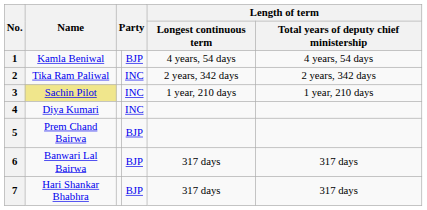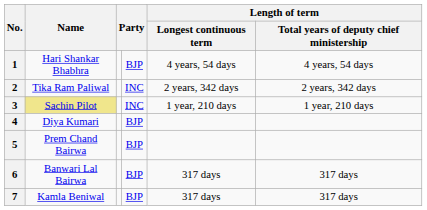 <table class="wikitable sortable" style="width:100%; text-align:center">
 <tr>
 <th rowspan=2>No.</th>
 <th rowspan=2>Name</th>
 <th rowspan=2 colspan=2>Party</th>
 <th colspan=2>Length of term</th>
 </tr>
 <tr>
 <th>Longest continuous term</th>
 <th>Total years of deputy chief ministership</th>
 </tr>
 <tr>
 <th>1</th>
-<td><a href='#'>Kamla Beniwal</a></td>
+<td><a href='#'>Hari Shankar Bhabhra</a></td>
 <td style="background-color:"></td>
 <td><a href='#'>BJP</a></td>
 <td>4 years, 54 days</td>
 <td>4 years, 54 days</td>
 </tr>
 <tr>
 <th>2</th>
 <td><a href='#'>Tika Ram Paliwal</a></td>
 <td style="background-color:"></td>
 <td><a href='#'>INC</a></td>
 <td>2 years, 342 days</td>
 <td>2 years, 342 days</td>
 </tr>
 <tr>
 <th>3</th>
 <td style="background: khaki;"><a href='#'>Sachin Pilot</a></td>
 <td style="background-color:"></td>
 <td><a href='#'>INC</a></td>
 <td>1 year, 210 days</td>
 <td>1 year, 210 days</td>
 </tr>
 <tr>
 <th>4</th>
 <td><a href='#'>Diya Kumari</a></td>
 <td style="background-color:"></td>
-<td><a href='#'>INC</a></td>
+<td><a href='#'>BJP</a></td>
 <td><strong></strong></td>
 <td><strong></strong></td>
 </tr>
 <tr>
 <th>5</th>
 <td><a href='#'>Prem Chand Bairwa</a></td>
 <td style="background-color:"></td>
 <td><a href='#'>BJP</a></td>
 <td><strong></strong></td>
 <td><strong></strong></td>
 </tr>
 <tr>
 <th>6</th>
 <td><a href='#'>Banwari Lal Bairwa</a></td>
 <td style="background-color:"></td>
 <td><a href='#'>BJP</a></td>
 <td>317 days</td>
 <td>317 days</td>
 </tr>
 <tr>
 <th>7</th>
-<td><a href='#'>Hari Shankar Bhabhra</a></td>
+<td><a href='#'>Kamla Beniwal</a></td>
 <td style="background-color:"></td>
 <td><a href='#'>BJP</a></td>
 <td>317 days</td>
 <td>317 days</td>
 </tr>
 </table>
